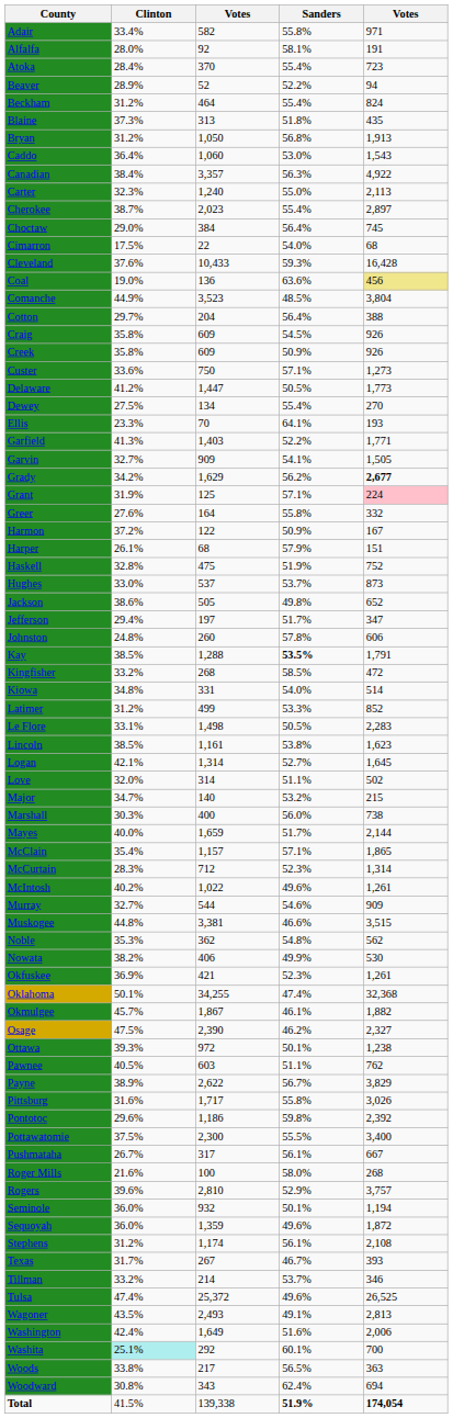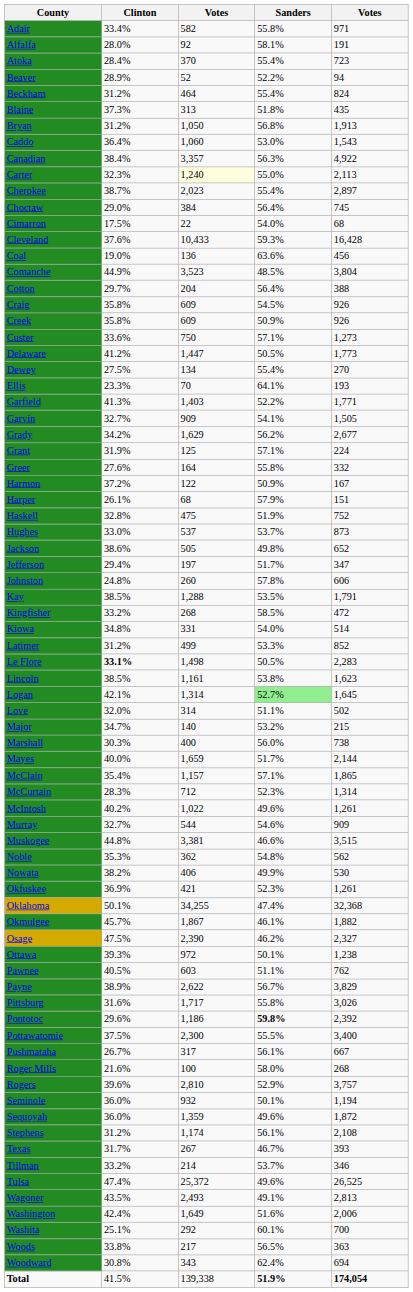 <table width="50%" class="wikitable sortable">
 <tr>
 <th width="10%">County</th>
 <th width="10%">Clinton</th>
 <th width="10%">Votes</th>
 <th width="10%">Sanders</th>
 <th width="10%">Votes</th>
 </tr>
 <tr>
 <td style="background:#228b22;"><a href='#'>Adair</a></td>
 <td>33.4%</td>
 <td>582</td>
 <td>55.8%</td>
 <td>971</td>
 </tr>
 <tr>
 <td style="background:#228b22;"><a href='#'>Alfalfa</a></td>
 <td>28.0%</td>
 <td>92</td>
 <td>58.1%</td>
 <td>191</td>
 </tr>
 <tr>
 <td style="background:#228b22;"><a href='#'>Atoka</a></td>
 <td>28.4%</td>
 <td>370</td>
 <td>55.4%</td>
 <td>723</td>
 </tr>
 <tr>
 <td style="background:#228b22;"><a href='#'>Beaver</a></td>
 <td>28.9%</td>
 <td>52</td>
 <td>52.2%</td>
 <td>94</td>
 </tr>
 <tr>
 <td style="background:#228b22;"><a href='#'>Beckham</a></td>
 <td>31.2%</td>
 <td>464</td>
 <td>55.4%</td>
 <td>824</td>
 </tr>
 <tr>
 <td style="background:#228b22;"><a href='#'>Blaine</a></td>
 <td>37.3%</td>
 <td>313</td>
 <td>51.8%</td>
 <td>435</td>
 </tr>
 <tr>
 <td style="background:#228b22;"><a href='#'>Bryan</a></td>
 <td>31.2%</td>
 <td>1,050</td>
 <td>56.8%</td>
 <td>1,913</td>
 </tr>
 <tr>
 <td style="background:#228b22;"><a href='#'>Caddo</a></td>
 <td>36.4%</td>
 <td>1,060</td>
 <td>53.0%</td>
 <td>1,543</td>
 </tr>
 <tr>
 <td style="background:#228b22;"><a href='#'>Canadian</a></td>
 <td>38.4%</td>
 <td>3,357</td>
 <td>56.3%</td>
 <td>4,922</td>
 </tr>
 <tr>
 <td style="background:#228b22;"><a href='#'>Carter</a></td>
 <td>32.3%</td>
-<td>1,240</td>
+<td style="background: lightyellow;">1,240</td>
 <td>55.0%</td>
 <td>2,113</td>
 </tr>
 <tr>
 <td style="background:#228b22;"><a href='#'>Cherokee</a></td>
 <td>38.7%</td>
 <td>2,023</td>
 <td>55.4%</td>
 <td>2,897</td>
 </tr>
 <tr>
 <td style="background:#228b22;"><a href='#'>Choctaw</a></td>
 <td>29.0%</td>
 <td>384</td>
 <td>56.4%</td>
 <td>745</td>
 </tr>
 <tr>
 <td style="background:#228b22;"><a href='#'>Cimarron</a></td>
 <td>17.5%</td>
 <td>22</td>
 <td>54.0%</td>
 <td>68</td>
 </tr>
 <tr>
 <td style="background:#228b22;"><a href='#'>Cleveland</a></td>
 <td>37.6%</td>
 <td>10,433</td>
 <td>59.3%</td>
 <td>16,428</td>
 </tr>
 <tr>
 <td style="background:#228b22;"><a href='#'>Coal</a></td>
 <td>19.0%</td>
 <td>136</td>
 <td>63.6%</td>
-<td style="background: khaki;">456</td>
+<td>456</td>
 </tr>
 <tr>
 <td style="background:#228b22;"><a href='#'>Comanche</a></td>
 <td>44.9%</td>
 <td>3,523</td>
 <td>48.5%</td>
 <td>3,804</td>
 </tr>
 <tr>
 <td style="background:#228b22;"><a href='#'>Cotton</a></td>
 <td>29.7%</td>
 <td>204</td>
 <td>56.4%</td>
 <td>388</td>
 </tr>
 <tr>
 <td style="background:#228b22;"><a href='#'>Craig</a></td>
 <td>35.8%</td>
 <td>609</td>
 <td>54.5%</td>
 <td>926</td>
 </tr>
 <tr>
 <td style="background:#228b22;"><a href='#'>Creek</a></td>
 <td>35.8%</td>
 <td>609</td>
 <td>50.9%</td>
 <td>926</td>
 </tr>
 <tr>
 <td style="background:#228b22;"><a href='#'>Custer</a></td>
 <td>33.6%</td>
 <td>750</td>
 <td>57.1%</td>
 <td>1,273</td>
 </tr>
 <tr>
 <td style="background:#228b22;"><a href='#'>Delaware</a></td>
 <td>41.2%</td>
 <td>1,447</td>
 <td>50.5%</td>
 <td>1,773</td>
 </tr>
 <tr>
 <td style="background:#228b22;"><a href='#'>Dewey</a></td>
 <td>27.5%</td>
 <td>134</td>
 <td>55.4%</td>
 <td>270</td>
 </tr>
 <tr>
 <td style="background:#228b22;"><a href='#'>Ellis</a></td>
 <td>23.3%</td>
 <td>70</td>
 <td>64.1%</td>
 <td>193</td>
 </tr>
 <tr>
 <td style="background:#228b22;"><a href='#'>Garfield</a></td>
 <td>41.3%</td>
 <td>1,403</td>
 <td>52.2%</td>
 <td>1,771</td>
 </tr>
 <tr>
 <td style="background:#228b22;"><a href='#'>Garvin</a></td>
 <td>32.7%</td>
 <td>909</td>
 <td>54.1%</td>
 <td>1,505</td>
 </tr>
 <tr>
 <td style="background:#228b22;"><a href='#'>Grady</a></td>
 <td>34.2%</td>
 <td>1,629</td>
 <td>56.2%</td>
-<td><strong>2,677</strong></td>
+<td>2,677</td>
 </tr>
 <tr>
 <td style="background:#228b22;"><a href='#'>Grant</a></td>
 <td>31.9%</td>
 <td>125</td>
 <td>57.1%</td>
-<td style="background: pink;">224</td>
+<td>224</td>
 </tr>
 <tr>
 <td style="background:#228b22;"><a href='#'>Greer</a></td>
 <td>27.6%</td>
 <td>164</td>
 <td>55.8%</td>
 <td>332</td>
 </tr>
 <tr>
 <td style="background:#228b22;"><a href='#'>Harmon</a></td>
 <td>37.2%</td>
 <td>122</td>
 <td>50.9%</td>
 <td>167</td>
 </tr>
 <tr>
 <td style="background:#228b22;"><a href='#'>Harper</a></td>
 <td>26.1%</td>
 <td>68</td>
 <td>57.9%</td>
 <td>151</td>
 </tr>
 <tr>
 <td style="background:#228b22;"><a href='#'>Haskell</a></td>
 <td>32.8%</td>
 <td>475</td>
 <td>51.9%</td>
 <td>752</td>
 </tr>
 <tr>
 <td style="background:#228b22;"><a href='#'>Hughes</a></td>
 <td>33.0%</td>
 <td>537</td>
 <td>53.7%</td>
 <td>873</td>
 </tr>
 <tr>
 <td style="background:#228b22;"><a href='#'>Jackson</a></td>
 <td>38.6%</td>
 <td>505</td>
 <td>49.8%</td>
 <td>652</td>
 </tr>
 <tr>
 <td style="background:#228b22;"><a href='#'>Jefferson</a></td>
 <td>29.4%</td>
 <td>197</td>
 <td>51.7%</td>
 <td>347</td>
 </tr>
 <tr>
 <td style="background:#228b22;"><a href='#'>Johnston</a></td>
 <td>24.8%</td>
 <td>260</td>
 <td>57.8%</td>
 <td>606</td>
 </tr>
 <tr>
 <td style="background:#228b22;"><a href='#'>Kay</a></td>
 <td>38.5%</td>
 <td>1,288</td>
-<td><strong>53.5%</strong></td>
+<td>53.5%</td>
 <td>1,791</td>
 </tr>
 <tr>
 <td style="background:#228b22;"><a href='#'>Kingfisher</a></td>
 <td>33.2%</td>
 <td>268</td>
 <td>58.5%</td>
 <td>472</td>
 </tr>
 <tr>
 <td style="background:#228b22;"><a href='#'>Kiowa</a></td>
 <td>34.8%</td>
 <td>331</td>
 <td>54.0%</td>
 <td>514</td>
 </tr>
 <tr>
 <td style="background:#228b22;"><a href='#'>Latimer</a></td>
 <td>31.2%</td>
 <td>499</td>
 <td>53.3%</td>
 <td>852</td>
 </tr>
 <tr>
 <td style="background:#228b22;"><a href='#'>Le Flore</a></td>
-<td>33.1%</td>
+<td><strong>33.1%</strong></td>
 <td>1,498</td>
 <td>50.5%</td>
 <td>2,283</td>
 </tr>
 <tr>
 <td style="background:#228b22;"><a href='#'>Lincoln</a></td>
 <td>38.5%</td>
 <td>1,161</td>
 <td>53.8%</td>
 <td>1,623</td>
 </tr>
 <tr>
 <td style="background:#228b22;"><a href='#'>Logan</a></td>
 <td>42.1%</td>
 <td>1,314</td>
-<td>52.7%</td>
+<td style="background: lightgreen;">52.7%</td>
 <td>1,645</td>
 </tr>
 <tr>
 <td style="background:#228b22;"><a href='#'>Love</a></td>
 <td>32.0%</td>
 <td>314</td>
 <td>51.1%</td>
 <td>502</td>
 </tr>
 <tr>
 <td style="background:#228b22;"><a href='#'>Major</a></td>
 <td>34.7%</td>
 <td>140</td>
 <td>53.2%</td>
 <td>215</td>
 </tr>
 <tr>
 <td style="background:#228b22;"><a href='#'>Marshall</a></td>
 <td>30.3%</td>
 <td>400</td>
 <td>56.0%</td>
 <td>738</td>
 </tr>
 <tr>
 <td style="background:#228b22;"><a href='#'>Mayes</a></td>
 <td>40.0%</td>
 <td>1,659</td>
 <td>51.7%</td>
 <td>2,144</td>
 </tr>
 <tr>
 <td style="background:#228b22;"><a href='#'>McClain</a></td>
 <td>35.4%</td>
 <td>1,157</td>
 <td>57.1%</td>
 <td>1,865</td>
 </tr>
 <tr>
 <td style="background:#228b22;"><a href='#'>McCurtain</a></td>
 <td>28.3%</td>
 <td>712</td>
 <td>52.3%</td>
 <td>1,314</td>
 </tr>
 <tr>
 <td style="background:#228b22;"><a href='#'>McIntosh</a></td>
 <td>40.2%</td>
 <td>1,022</td>
 <td>49.6%</td>
 <td>1,261</td>
 </tr>
 <tr>
 <td style="background:#228b22;"><a href='#'>Murray</a></td>
 <td>32.7%</td>
 <td>544</td>
 <td>54.6%</td>
 <td>909</td>
 </tr>
 <tr>
 <td style="background:#228b22;"><a href='#'>Muskogee</a></td>
 <td>44.8%</td>
 <td>3,381</td>
 <td>46.6%</td>
 <td>3,515</td>
 </tr>
 <tr>
 <td style="background:#228b22;"><a href='#'>Noble</a></td>
 <td>35.3%</td>
 <td>362</td>
 <td>54.8%</td>
 <td>562</td>
 </tr>
 <tr>
 <td style="background:#228b22;"><a href='#'>Nowata</a></td>
 <td>38.2%</td>
 <td>406</td>
 <td>49.9%</td>
 <td>530</td>
 </tr>
 <tr>
 <td style="background:#228b22;"><a href='#'>Okfuskee</a></td>
 <td>36.9%</td>
 <td>421</td>
 <td>52.3%</td>
 <td>1,261</td>
 </tr>
 <tr>
 <td style="background:#D4AA00;"><a href='#'>Oklahoma</a></td>
 <td>50.1%</td>
 <td>34,255</td>
 <td>47.4%</td>
 <td>32,368</td>
 </tr>
 <tr>
 <td style="background:#228b22;"><a href='#'>Okmulgee</a></td>
 <td>45.7%</td>
 <td>1,867</td>
 <td>46.1%</td>
 <td>1,882</td>
 </tr>
 <tr>
 <td style="background:#D4AA00;"><a href='#'>Osage</a></td>
 <td>47.5%</td>
 <td>2,390</td>
 <td>46.2%</td>
 <td>2,327</td>
 </tr>
 <tr>
 <td style="background:#228b22;"><a href='#'>Ottawa</a></td>
 <td>39.3%</td>
 <td>972</td>
 <td>50.1%</td>
 <td>1,238</td>
 </tr>
 <tr>
 <td style="background:#228b22;"><a href='#'>Pawnee</a></td>
 <td>40.5%</td>
 <td>603</td>
 <td>51.1%</td>
 <td>762</td>
 </tr>
 <tr>
 <td style="background:#228b22;"><a href='#'>Payne</a></td>
 <td>38.9%</td>
 <td>2,622</td>
 <td>56.7%</td>
 <td>3,829</td>
 </tr>
 <tr>
 <td style="background:#228b22;"><a href='#'>Pittsburg</a></td>
 <td>31.6%</td>
 <td>1,717</td>
 <td>55.8%</td>
 <td>3,026</td>
 </tr>
 <tr>
 <td style="background:#228b22;"><a href='#'>Pontotoc</a></td>
 <td>29.6%</td>
 <td>1,186</td>
-<td>59.8%</td>
+<td><strong>59.8%</strong></td>
 <td>2,392</td>
 </tr>
 <tr>
 <td style="background:#228b22;"><a href='#'>Pottawatomie</a></td>
 <td>37.5%</td>
 <td>2,300</td>
 <td>55.5%</td>
 <td>3,400</td>
 </tr>
 <tr>
 <td style="background:#228b22;"><a href='#'>Pushmataha</a></td>
 <td>26.7%</td>
 <td>317</td>
 <td>56.1%</td>
 <td>667</td>
 </tr>
 <tr>
 <td style="background:#228b22;"><a href='#'>Roger Mills</a></td>
 <td>21.6%</td>
 <td>100</td>
 <td>58.0%</td>
 <td>268</td>
 </tr>
 <tr>
 <td style="background:#228b22;"><a href='#'>Rogers</a></td>
 <td>39.6%</td>
 <td>2,810</td>
 <td>52.9%</td>
 <td>3,757</td>
 </tr>
 <tr>
 <td style="background:#228b22;"><a href='#'>Seminole</a></td>
 <td>36.0%</td>
 <td>932</td>
 <td>50.1%</td>
 <td>1,194</td>
 </tr>
 <tr>
 <td style="background:#228b22;"><a href='#'>Sequoyah</a></td>
 <td>36.0%</td>
 <td>1,359</td>
 <td>49.6%</td>
 <td>1,872</td>
 </tr>
 <tr>
 <td style="background:#228b22;"><a href='#'>Stephens</a></td>
 <td>31.2%</td>
 <td>1,174</td>
 <td>56.1%</td>
 <td>2,108</td>
 </tr>
 <tr>
 <td style="background:#228b22;"><a href='#'>Texas</a></td>
 <td>31.7%</td>
 <td>267</td>
 <td>46.7%</td>
 <td>393</td>
 </tr>
 <tr>
 <td style="background:#228b22;"><a href='#'>Tillman</a></td>
 <td>33.2%</td>
 <td>214</td>
 <td>53.7%</td>
 <td>346</td>
 </tr>
 <tr>
 <td style="background:#228b22;"><a href='#'>Tulsa</a></td>
 <td>47.4%</td>
 <td>25,372</td>
 <td>49.6%</td>
 <td>26,525</td>
 </tr>
 <tr>
 <td style="background:#228b22;"><a href='#'>Wagoner</a></td>
 <td>43.5%</td>
 <td>2,493</td>
 <td>49.1%</td>
 <td>2,813</td>
 </tr>
 <tr>
 <td style="background:#228b22;"><a href='#'>Washington</a></td>
 <td>42.4%</td>
 <td>1,649</td>
 <td>51.6%</td>
 <td>2,006</td>
 </tr>
 <tr>
 <td style="background:#228b22;"><a href='#'>Washita</a></td>
-<td style="background: paleturquoise;">25.1%</td>
+<td>25.1%</td>
 <td>292</td>
 <td>60.1%</td>
 <td>700</td>
 </tr>
 <tr>
 <td style="background:#228b22;"><a href='#'>Woods</a></td>
 <td>33.8%</td>
 <td>217</td>
 <td>56.5%</td>
 <td>363</td>
 </tr>
 <tr>
 <td style="background:#228b22;"><a href='#'>Woodward</a></td>
 <td>30.8%</td>
 <td>343</td>
 <td>62.4%</td>
 <td>694</td>
 </tr>
 <tr>
 <td><strong>Total</strong></td>
 <td>41.5%</td>
 <td>139,338</td>
 <td><strong>51.9%</strong></td>
 <td><strong>174,054</strong></td>
 </tr>
 </table>
